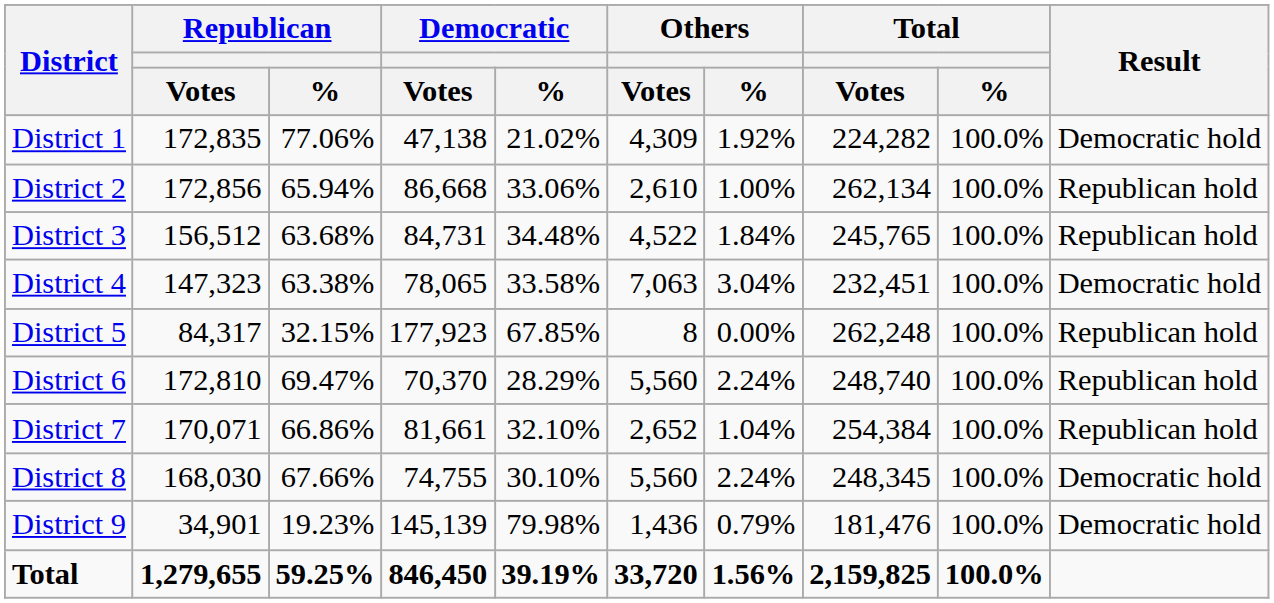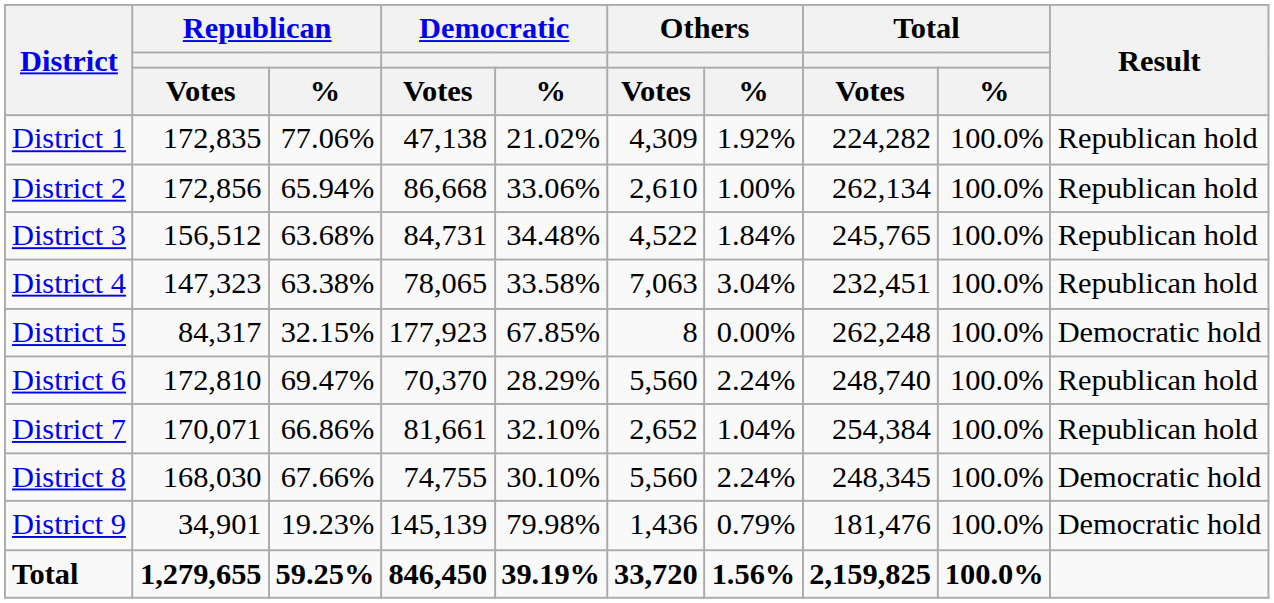 <table class="wikitable plainrowheaders sortable" style="font-size:100%; text-align:right;">
 <tr>
 <th scope=col rowspan=3><a href='#'>District</a></th>
 <th scope=col colspan=2><a href='#'>Republican</a></th>
 <th scope=col colspan=2><a href='#'>Democratic</a></th>
 <th scope=col colspan=2>Others</th>
 <th scope=col colspan=2>Total</th>
 <th scope=col rowspan=3>Result</th>
 </tr>
 <tr>
 <th scope=col colspan=2 style="background:"></th>
 <th scope=col colspan=2 style="background:"></th>
 <th scope=col colspan=2></th>
 <th scope=col colspan=2></th>
 </tr>
 <tr>
 <th scope=col data-sort-type="number">Votes</th>
 <th scope=col data-sort-type="number">%</th>
 <th scope=col data-sort-type="number">Votes</th>
 <th scope=col data-sort-type="number">%</th>
 <th scope=col data-sort-type="number">Votes</th>
 <th scope=col data-sort-type="number">%</th>
 <th scope=col data-sort-type="number">Votes</th>
 <th scope=col data-sort-type="number">%</th>
 </tr>
 <tr>
 <td align=left><a href='#'>District 1</a></td>
 <td>172,835</td>
 <td>77.06%</td>
 <td>47,138</td>
 <td>21.02%</td>
 <td>4,309</td>
 <td>1.92%</td>
 <td>224,282</td>
 <td>100.0%</td>
-<td align=left>Democratic hold</td>
+<td align=left>Republican hold</td>
 </tr>
 <tr>
 <td align=left><a href='#'>District 2</a></td>
 <td>172,856</td>
 <td>65.94%</td>
 <td>86,668</td>
 <td>33.06%</td>
 <td>2,610</td>
 <td>1.00%</td>
 <td>262,134</td>
 <td>100.0%</td>
 <td align=left>Republican hold</td>
 </tr>
 <tr>
 <td align=left><a href='#'>District 3</a></td>
 <td>156,512</td>
 <td>63.68%</td>
 <td>84,731</td>
 <td>34.48%</td>
 <td>4,522</td>
 <td>1.84%</td>
 <td>245,765</td>
 <td>100.0%</td>
 <td align=left>Republican hold</td>
 </tr>
 <tr>
 <td align=left><a href='#'>District 4</a></td>
 <td>147,323</td>
 <td>63.38%</td>
 <td>78,065</td>
 <td>33.58%</td>
 <td>7,063</td>
 <td>3.04%</td>
 <td>232,451</td>
 <td>100.0%</td>
-<td align=left>Democratic hold</td>
+<td align=left>Republican hold</td>
 </tr>
 <tr>
 <td align=left><a href='#'>District 5</a></td>
 <td>84,317</td>
 <td>32.15%</td>
 <td>177,923</td>
 <td>67.85%</td>
 <td>8</td>
 <td>0.00%</td>
 <td>262,248</td>
 <td>100.0%</td>
-<td align=left>Republican hold</td>
+<td align=left>Democratic hold</td>
 </tr>
 <tr>
 <td align=left><a href='#'>District 6</a></td>
 <td>172,810</td>
 <td>69.47%</td>
 <td>70,370</td>
 <td>28.29%</td>
 <td>5,560</td>
 <td>2.24%</td>
 <td>248,740</td>
 <td>100.0%</td>
 <td align=left>Republican hold</td>
 </tr>
 <tr>
 <td align=left><a href='#'>District 7</a></td>
 <td>170,071</td>
 <td>66.86%</td>
 <td>81,661</td>
 <td>32.10%</td>
 <td>2,652</td>
 <td>1.04%</td>
 <td>254,384</td>
 <td>100.0%</td>
 <td align=left>Republican hold</td>
 </tr>
 <tr>
 <td align=left><a href='#'>District 8</a></td>
 <td>168,030</td>
 <td>67.66%</td>
 <td>74,755</td>
 <td>30.10%</td>
 <td>5,560</td>
 <td>2.24%</td>
 <td>248,345</td>
 <td>100.0%</td>
 <td align=left>Democratic hold</td>
 </tr>
 <tr>
 <td align=left><a href='#'>District 9</a></td>
 <td>34,901</td>
 <td>19.23%</td>
 <td>145,139</td>
 <td>79.98%</td>
 <td>1,436</td>
 <td>0.79%</td>
 <td>181,476</td>
 <td>100.0%</td>
 <td align=left>Democratic hold</td>
 </tr>
 <tr class="sortbottom" style="font-weight:bold">
 <td align=left>Total</td>
 <td>1,279,655</td>
 <td>59.25%</td>
 <td>846,450</td>
 <td>39.19%</td>
 <td>33,720</td>
 <td>1.56%</td>
 <td>2,159,825</td>
 <td>100.0%</td>
 <td></td>
 </tr>
 </table>
